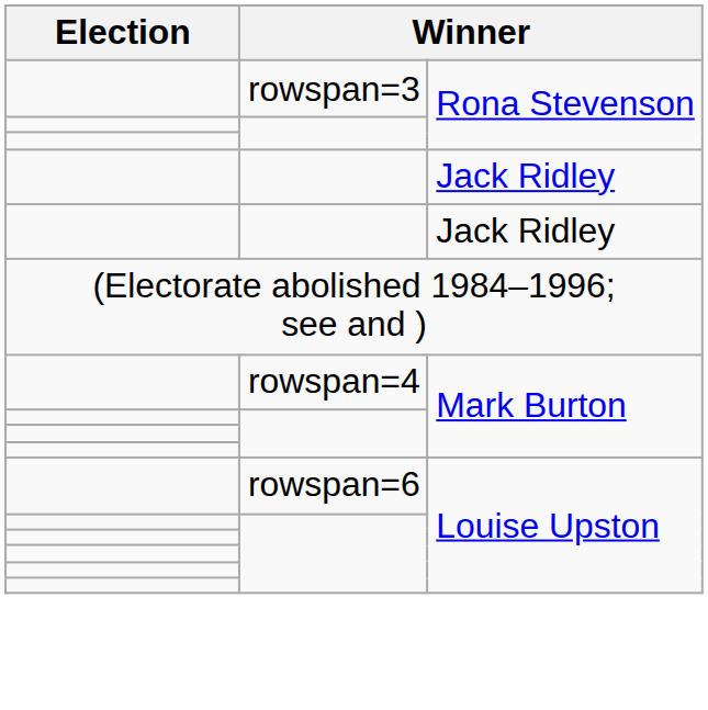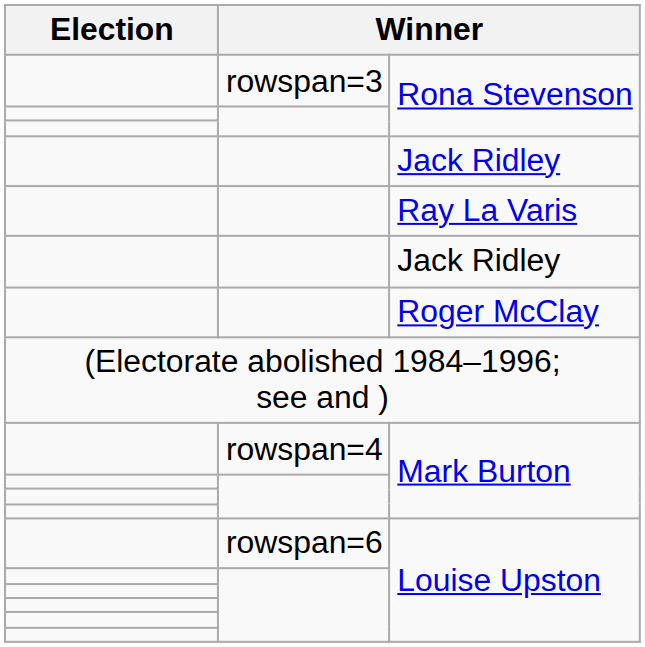 <table class=wikitable>
 <tr>
 <th width=100>Election</th>
 <th style="width:175px;" colspan="2">Winner</th>
 </tr>
 <tr>
 <td></td>
 <td>rowspan=3 </td>
 <td rowspan=3><a href='#'>Rona Stevenson</a></td>
 </tr>
 <tr>
 <td></td>
 </tr>
 <tr>
 <td></td>
 </tr>
 <tr>
 <td></td>
 <td></td>
 <td><a href='#'>Jack Ridley</a></td>
 </tr>
 <tr>
 <td></td>
 <td></td>
+<td><a href='#'>Ray La Varis</a></td>
+</tr>
+<tr>
+<td></td>
+<td></td>
 <td>Jack Ridley</td>
+</tr>
+<tr>
+<td></td>
+<td></td>
+<td><a href='#'>Roger McClay</a></td>
 </tr>
 <tr>
 <td colspan="3" style="text-align:center;"><span>(Electorate abolished 1984–1996;<br>see  and )</span></td>
 </tr>
 <tr>
 <td></td>
 <td>rowspan=4 </td>
 <td rowspan=4><a href='#'>Mark Burton</a></td>
 </tr>
 <tr>
 <td></td>
 </tr>
 <tr>
 <td></td>
 </tr>
 <tr>
 <td></td>
 </tr>
 <tr>
 <td></td>
 <td>rowspan=6 </td>
 <td rowspan=6><a href='#'>Louise Upston</a></td>
 </tr>
 <tr>
 <td></td>
 </tr>
 <tr>
 <td></td>
 </tr>
 <tr>
 <td></td>
 </tr>
 <tr>
 <td></td>
 </tr>
 <tr>
 <td></td>
 </tr>
 </table>
